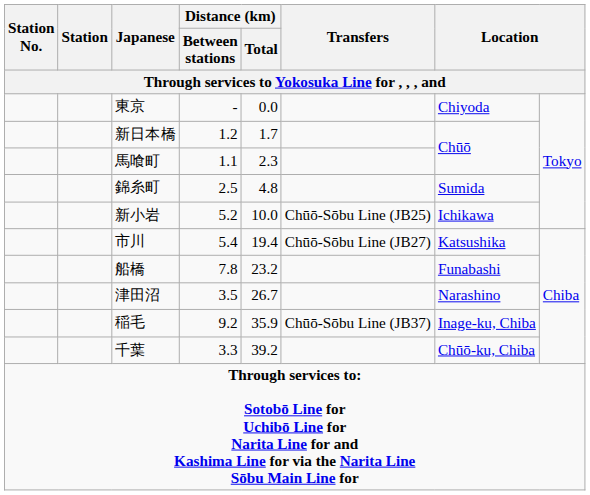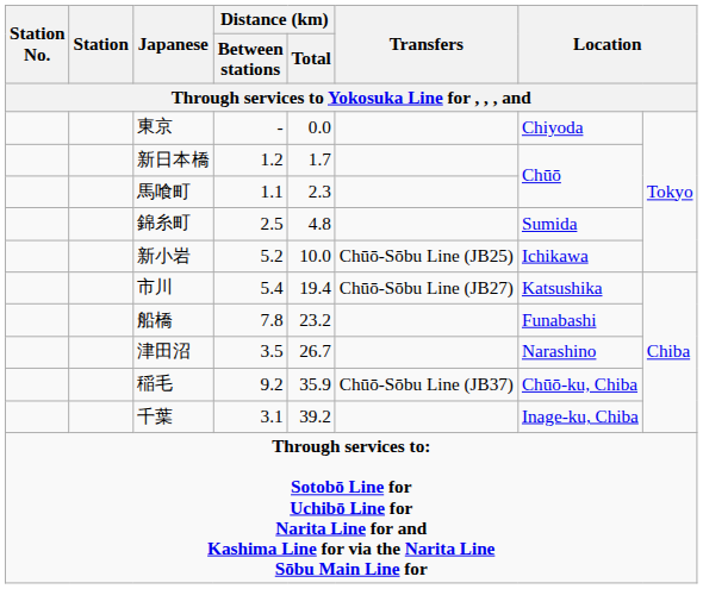 <table class="wikitable">
 <tr>
 <th rowspan="2">Station<br>No.</th>
 <th rowspan="2">Station</th>
 <th rowspan="2">Japanese</th>
 <th colspan="2">Distance (km)</th>
 <th rowspan="2">Transfers</th>
 <th colspan="2" rowspan="2">Location</th>
 </tr>
 <tr>
 <th>Between<br>stations</th>
 <th>Total</th>
 </tr>
 <tr>
 <th colspan="8">Through services to  <a href='#'>Yokosuka Line</a> for , , ,  and </th>
 </tr>
 <tr>
 <td></td>
 <td></td>
 <td>東京</td>
 <td style="text-align:right;">-</td>
 <td style="text-align:right;">0.0</td>
 <td style="white-space:nowrap;"></td>
 <td><a href='#'>Chiyoda</a></td>
 <td rowspan="5"><a href='#'>Tokyo</a></td>
 </tr>
 <tr>
 <td align="center"></td>
 <td></td>
 <td>新日本橋</td>
 <td style="text-align:right;">1.2</td>
 <td style="text-align:right;">1.7</td>
 <td></td>
 <td rowspan="2"><a href='#'>Chūō</a></td>
 </tr>
 <tr>
 <td align="center"></td>
 <td></td>
 <td>馬喰町</td>
 <td style="text-align:right;">1.1</td>
 <td style="text-align:right;">2.3</td>
 <td></td>
 </tr>
 <tr>
 <td align="center"></td>
 <td></td>
 <td>錦糸町</td>
 <td style="text-align:right;">2.5</td>
 <td style="text-align:right;">4.8</td>
 <td></td>
 <td><a href='#'>Sumida</a></td>
 </tr>
 <tr>
 <td align="center"></td>
 <td></td>
 <td>新小岩</td>
 <td style="text-align:right;">5.2</td>
 <td style="text-align:right;">10.0</td>
 <td> Chūō-Sōbu Line (JB25)</td>
 <td><a href='#'>Ichikawa</a></td>
 </tr>
 <tr>
 <td align="center"></td>
 <td></td>
 <td>市川</td>
 <td style="text-align:right;">5.4</td>
 <td style="text-align:right;">19.4</td>
 <td> Chūō-Sōbu Line (JB27)</td>
 <td><a href='#'>Katsushika</a></td>
 <td rowspan="5"><a href='#'>Chiba</a></td>
 </tr>
 <tr>
 <td align="center"></td>
 <td></td>
 <td>船橋</td>
 <td style="text-align:right;">7.8</td>
 <td style="text-align:right;">23.2</td>
 <td></td>
 <td><a href='#'>Funabashi</a></td>
 </tr>
 <tr>
 <td align="center"></td>
 <td></td>
 <td>津田沼</td>
 <td style="text-align:right;">3.5</td>
 <td style="text-align:right;">26.7</td>
 <td></td>
 <td><a href='#'>Narashino</a></td>
 </tr>
 <tr>
 <td align="center"></td>
 <td></td>
 <td>稲毛</td>
 <td style="text-align:right;">9.2</td>
 <td style="text-align:right;">35.9</td>
 <td> Chūō-Sōbu Line (JB37)</td>
-<td><a href='#'>Inage-ku, Chiba</a></td>
+<td><a href='#'>Chūō-ku, Chiba</a></td>
 </tr>
 <tr>
 <td align="center"></td>
 <td></td>
 <td>千葉</td>
-<td style="text-align:right;">3.3</td>
+<td style="text-align:right;">3.1</td>
 <td style="text-align:right;">39.2</td>
 <td></td>
-<td><a href='#'>Chūō-ku, Chiba</a></td>
+<td><a href='#'>Inage-ku, Chiba</a></td>
 </tr>
 <tr>
 <td colspan="8" align="center"><strong>Through services to:<br></strong><br><strong> <a href='#'>Sotobō Line</a> for </strong><br> <strong> <a href='#'>Uchibō Line</a> for </strong><br>  <strong><a href='#'>Narita Line</a> for  and </strong><br> <strong><a href='#'>Kashima Line</a> for  via the <a href='#'>Narita Line</a></strong><br>  <strong><a href='#'>Sōbu Main Line</a> for </strong></td>
 </tr>
 </table>
